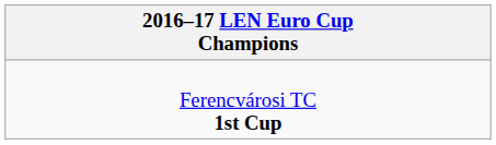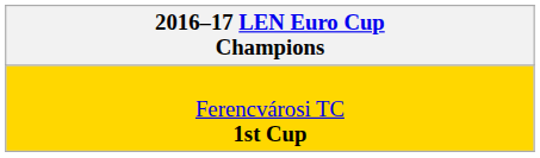 <table class="wikitable" style="margin: 0 auto; width: 30%;">
 <tr>
 <th>2016–17 <a href='#'>LEN Euro Cup</a><br>Champions</th>
 </tr>
 <tr>
-<td align=center><br><a href='#'>Ferencvárosi TC</a><br><strong>1st Cup</strong></td>
+<td align=center style="background: gold;"><br><a href='#'>Ferencvárosi TC</a><br><strong>1st Cup</strong></td>
 </tr>
 </table>
